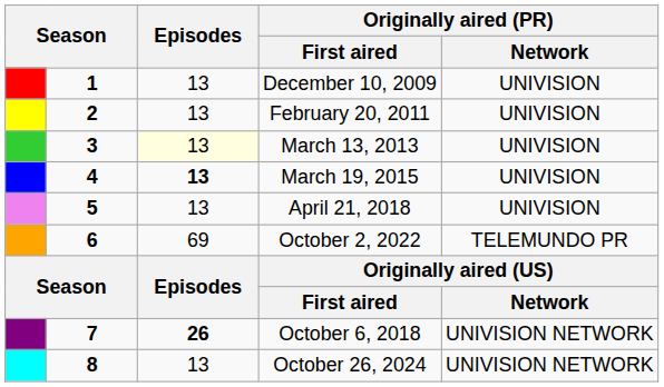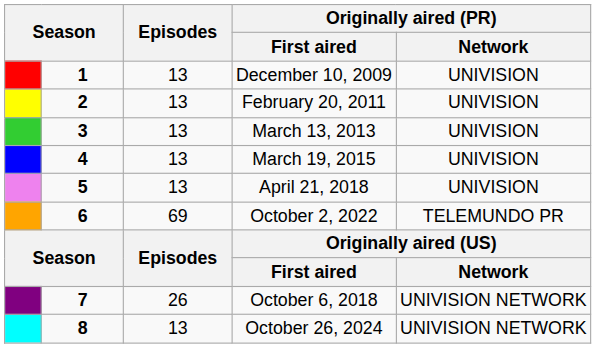 <table class="wikitable" style="text-align:center">
 <tr>
 <th colspan="2" rowspan="2" style="width:100px;">Season</th>
 <th rowspan="2" style="width:90px;">Episodes</th>
 <th colspan="2" style="width:240px;">Originally aired (PR)</th>
 </tr>
 <tr>
 <th>First aired</th>
 <th>Network</th>
 </tr>
 <tr>
 <td style="background:red;"></td>
 <td style="text-align:center;"><strong>1</strong></td>
 <td style="text-align:center;">13</td>
 <td style="text-align:center;">December 10, 2009</td>
 <td style="text-align:center;">UNIVISION</td>
 </tr>
 <tr>
 <td style="background:yellow;"></td>
 <td style="text-align:center;"><strong>2</strong></td>
 <td style="text-align:center;">13</td>
 <td style="text-align:center;">February 20, 2011</td>
 <td style="text-align:center;">UNIVISION</td>
 </tr>
 <tr>
 <td style="background:limegreen;"></td>
 <td style="text-align:center;"><strong>3</strong></td>
-<td style="background: lightyellow; text-align:center;">13</td>
+<td style="text-align:center;">13</td>
 <td style="text-align:center;">March 13, 2013</td>
 <td style="text-align:center;">UNIVISION</td>
 </tr>
 <tr>
 <td style="background:blue;"></td>
 <td style="text-align:center;"><strong>4</strong></td>
-<td style="text-align:center;"><strong>13</strong></td>
+<td style="text-align:center;">13</td>
 <td style="text-align:center;">March 19, 2015</td>
 <td style="text-align:center;">UNIVISION</td>
 </tr>
 <tr>
 <td style="background:violet;"></td>
 <td style="text-align:center;"><strong>5</strong></td>
 <td style="text-align:center;">13</td>
 <td style="text-align:center;">April 21, 2018</td>
 <td style="text-align:center;">UNIVISION</td>
 </tr>
 <tr>
 <td style="background:orange;"></td>
 <td style="text-align:center;"><strong>6</strong></td>
 <td style="text-align:center;">69</td>
 <td style="text-align:center;">October 2, 2022</td>
 <td style="text-align:center;">TELEMUNDO PR</td>
 </tr>
 <tr>
 <th colspan="2" rowspan="2" style="width:100px;">Season</th>
 <th rowspan="2" style="width:90px;">Episodes</th>
 <th colspan="2" style="width:240px;">Originally aired (US)</th>
 </tr>
 <tr>
 <th>First aired</th>
 <th>Network</th>
 </tr>
 <tr>
 <td style="background:purple;"></td>
 <td style="text-align:center;"><strong>7</strong></td>
-<td style="text-align:center;"><strong>26</strong></td>
+<td style="text-align:center;">26</td>
 <td style="text-align:center;">October 6, 2018</td>
 <td style="text-align:center;">UNIVISION NETWORK</td>
 </tr>
 <tr>
 <td style="background:cyan;"></td>
 <td style="text-align:center;"><strong>8</strong></td>
 <td style="text-align:center;">13</td>
 <td style="text-align:center;">October 26, 2024</td>
 <td style="text-align:center;">UNIVISION NETWORK</td>
 </tr>
 </table>
